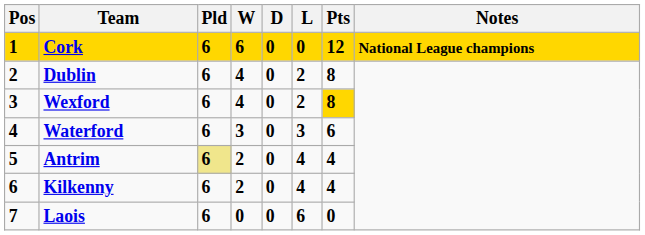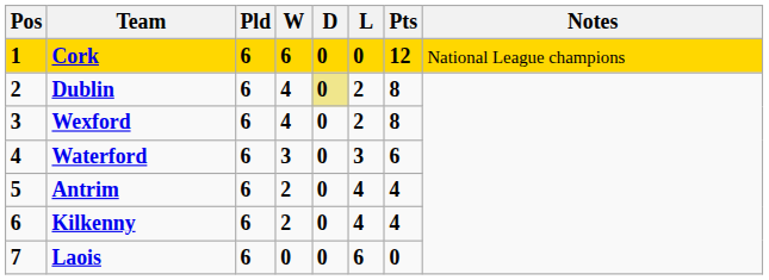 <table class="wikitable" style="text-align: centre;">
 <tr>
 <th width=20>Pos</th>
 <th width=135>Team</th>
 <th width=20>Pld</th>
 <th width=20>W</th>
 <th width=20>D</th>
 <th width=20>L</th>
 <th width=20>Pts</th>
 <th width=250>Notes</th>
 </tr>
 <tr style="background:gold;">
 <td><strong>1</strong></td>
 <td align=left><strong> <a href='#'>Cork</a> </strong></td>
 <td><strong>6</strong></td>
 <td><strong>6</strong></td>
 <td><strong>0</strong></td>
 <td><strong>0</strong></td>
 <td><strong>12</strong></td>
-<td><strong><small>National League champions</small></strong></td>
+<td><small>National League champions</small></td>
 </tr>
 <tr>
 <td><strong>2</strong></td>
 <td align=left><strong> <a href='#'>Dublin</a> </strong></td>
 <td><strong>6</strong></td>
 <td><strong>4</strong></td>
-<td><strong>0</strong></td>
+<td style="background: khaki;"><strong>0</strong></td>
 <td><strong>2</strong></td>
 <td><strong>8</strong></td>
 </tr>
 <tr>
 <td><strong>3</strong></td>
 <td align=left><strong> <a href='#'>Wexford</a> </strong></td>
 <td><strong>6</strong></td>
 <td><strong>4</strong></td>
 <td><strong>0</strong></td>
 <td><strong>2</strong></td>
-<td style="background: gold;"><strong>8</strong></td>
+<td><strong>8</strong></td>
 </tr>
 <tr>
 <td><strong>4</strong></td>
 <td align=left><strong> <a href='#'>Waterford</a> </strong></td>
 <td><strong>6</strong></td>
 <td><strong>3</strong></td>
 <td><strong>0</strong></td>
 <td><strong>3</strong></td>
 <td><strong>6</strong></td>
 </tr>
 <tr>
 <td><strong>5</strong></td>
 <td align=left><strong> <a href='#'>Antrim</a> </strong></td>
-<td style="background: khaki;"><strong>6</strong></td>
+<td><strong>6</strong></td>
 <td><strong>2</strong></td>
 <td><strong>0</strong></td>
 <td><strong>4</strong></td>
 <td><strong>4</strong></td>
 </tr>
 <tr>
 <td><strong>6</strong></td>
 <td align=left><strong> <a href='#'>Kilkenny</a> </strong></td>
 <td><strong>6</strong></td>
 <td><strong>2</strong></td>
 <td><strong>0</strong></td>
 <td><strong>4</strong></td>
 <td><strong>4</strong></td>
 </tr>
 <tr>
 <td><strong>7</strong></td>
 <td align=left><strong> <a href='#'>Laois</a> </strong></td>
 <td><strong>6</strong></td>
 <td><strong>0</strong></td>
 <td><strong>0</strong></td>
 <td><strong>6</strong></td>
 <td><strong>0</strong></td>
 </tr>
 </table>
